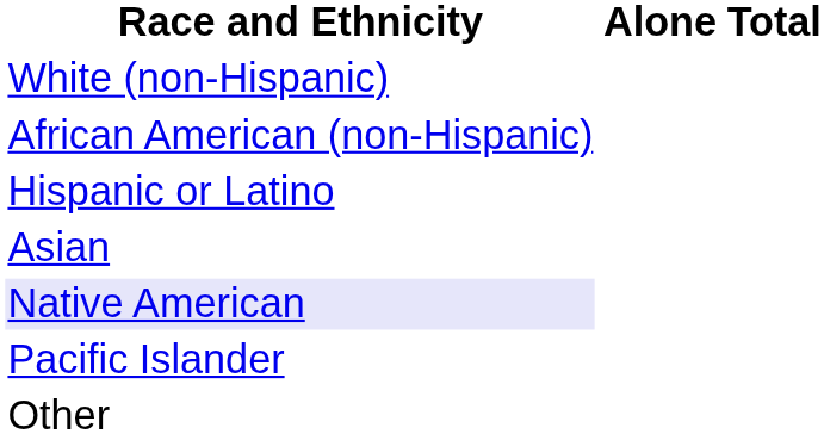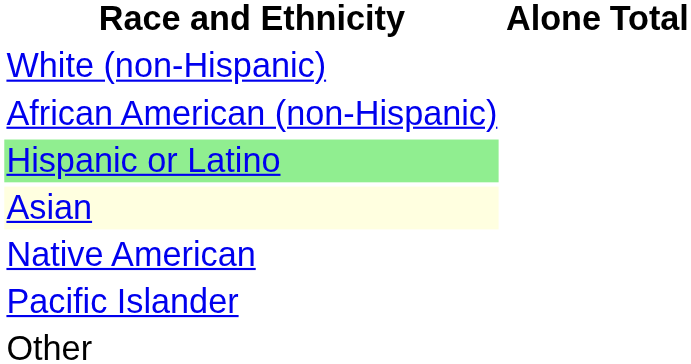 <table font-size:80%;">
 <tr>
 <th>Race and Ethnicity</th>
 <th colspan="2" data-sort-type=number>Alone</th>
 <th colspan="2" data-sort-type=number>Total</th>
 </tr>
 <tr>
 <td><a href='#'>White (non-Hispanic)</a></td>
 <td align=right></td>
 <td align=right></td>
 </tr>
 <tr>
 <td><a href='#'>African American (non-Hispanic)</a></td>
 <td align=right></td>
 <td align=right></td>
 </tr>
 <tr>
-<td><a href='#'>Hispanic or Latino</a></td>
+<td style="background: lightgreen;"><a href='#'>Hispanic or Latino</a></td>
 <td align=right></td>
 <td align=right></td>
 </tr>
 <tr>
-<td><a href='#'>Asian</a></td>
+<td style="background: lightyellow;"><a href='#'>Asian</a></td>
 <td align=right></td>
 <td align=right></td>
 </tr>
 <tr>
-<td style="background: lavender;"><a href='#'>Native American</a></td>
+<td><a href='#'>Native American</a></td>
 <td align=right></td>
 <td align=right></td>
 </tr>
 <tr>
 <td><a href='#'>Pacific Islander</a></td>
 <td align=right></td>
 <td align=right></td>
 </tr>
 <tr>
 <td>Other</td>
 <td align=right></td>
 <td align=right></td>
 </tr>
 </table>
